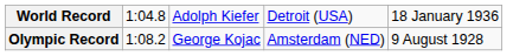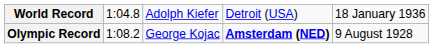 <table class="wikitable" style="font-size:95%;">
 <tr>
 <th>World Record</th>
 <td>1:04.8</td>
 <td> <a href='#'>Adolph Kiefer</a></td>
 <td><a href='#'>Detroit</a> (<a href='#'>USA</a>)</td>
 <td>18 January 1936</td>
 </tr>
 <tr>
 <th>Olympic Record</th>
 <td>1:08.2</td>
 <td> <a href='#'>George Kojac</a></td>
-<td><a href='#'>Amsterdam</a> (<a href='#'>NED</a>)</td>
+<td><strong><a href='#'>Amsterdam</a> (<a href='#'>NED</a>)</strong></td>
 <td>9 August 1928</td>
 </tr>
 </table>
